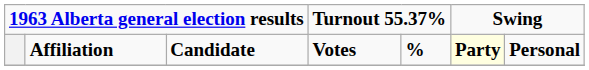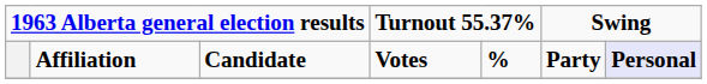 <table class="wikitable">
 <tr>
 <td colspan="3" align=center><strong><a href='#'>1963 Alberta general election</a> results</strong></td>
 <td colspan="2"><strong>Turnout 55.37%</strong></td>
 <td colspan="2" align=center><strong>Swing</strong></td>
 </tr>
 <tr>
 <th style="width: 10px;"></th>
 <td><strong>Affiliation</strong></td>
 <td><strong>Candidate</strong></td>
 <td><strong>Votes</strong></td>
 <td><strong>%</strong></td>
-<td style="background: lightyellow;"><strong>Party</strong></td>
-<td><strong>Personal</strong><br>       </td>
+<td><strong>Party</strong></td>
+<td style="background: lavender;"><strong>Personal</strong><br>       </td>
 </tr>
 <tr>
 </tr>
 </table>
